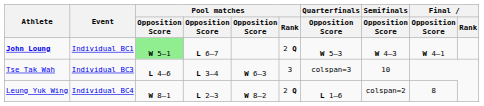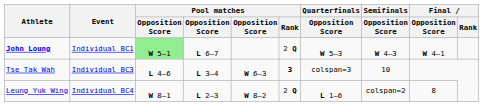 <table class=wikitable style="font-size:90%">
 <tr>
 <th rowspan="2">Athlete</th>
 <th rowspan="2">Event</th>
 <th colspan="4">Pool matches</th>
 <th>Quarterfinals</th>
 <th>Semifinals</th>
 <th colspan=2>Final / </th>
 </tr>
 <tr>
 <th>Opposition<br>Score</th>
 <th>Opposition<br>Score</th>
 <th>Opposition<br>Score</th>
 <th>Rank</th>
 <th>Opposition<br>Score</th>
 <th>Opposition<br>Score</th>
 <th>Opposition<br>Score</th>
 <th>Rank</th>
 </tr>
 <tr style="text-align:center">
 <td style="text-align:left"><strong><a href='#'>John Loung</a></strong></td>
 <td style="text-align:left"><a href='#'>Individual BC1</a></td>
 <td style="background: lightgreen;"><br><strong>W</strong> 5–1</td>
 <td><br><strong>L</strong> 6–7</td>
 <td></td>
 <td>2 <strong>Q</strong></td>
 <td><br><strong>W</strong> 5–3</td>
 <td><br><strong>W</strong> 4–3</td>
 <td><br><strong>W</strong> 4–1</td>
 <td></td>
 </tr>
 <tr style="text-align:center">
 <td style="text-align:left"><a href='#'>Tse Tak Wah</a></td>
 <td style="text-align:left"><a href='#'>Individual BC3</a></td>
 <td><br><strong>L</strong> 4–6</td>
 <td><br><strong>L</strong> 3–4</td>
 <td><br><strong>W</strong> 6–3</td>
-<td>3</td>
+<td><strong>3</strong></td>
 <td>colspan=3 </td>
 <td>10</td>
 </tr>
 <tr style="text-align:center">
 <td style="text-align:left"><a href='#'>Leung Yuk Wing</a></td>
 <td style="text-align:left"><a href='#'>Individual BC4</a></td>
 <td><br><strong>W</strong> 8–1</td>
 <td><br><strong>L</strong> 2–3</td>
 <td><br><strong>W</strong> 8–2</td>
 <td>2 <strong>Q</strong></td>
 <td><br><strong>L</strong> 1–6</td>
 <td>colspan=2 </td>
 <td>8</td>
 </tr>
 </table>
